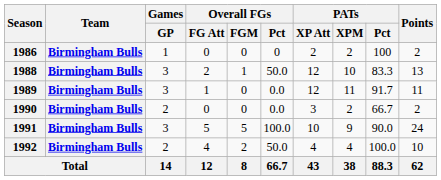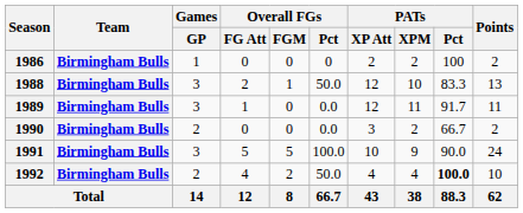 <table class=wikitable style="text-align:center;">
 <tr>
 <th rowspan=2>Season</th>
 <th rowspan=2>Team</th>
 <th>Games</th>
 <th colspan=3>Overall FGs</th>
 <th colspan=3>PATs</th>
 <th rowspan=2>Points</th>
 </tr>
 <tr>
 <th>GP</th>
 <th>FG Att</th>
 <th>FGM</th>
 <th>Pct</th>
 <th>XP Att</th>
 <th>XPM</th>
 <th>Pct</th>
 </tr>
 <tr>
 <th>1986</th>
 <th><a href='#'>Birmingham Bulls</a></th>
 <td>1</td>
 <td>0</td>
 <td>0</td>
 <td>0</td>
 <td>2</td>
 <td>2</td>
 <td>100</td>
 <td>2</td>
 </tr>
 <tr>
 <th>1988</th>
 <th><a href='#'>Birmingham Bulls</a></th>
 <td>3</td>
 <td>2</td>
 <td>1</td>
 <td>50.0</td>
 <td>12</td>
 <td>10</td>
 <td>83.3</td>
 <td>13</td>
 </tr>
 <tr>
 <th>1989</th>
 <th><a href='#'>Birmingham Bulls</a></th>
 <td>3</td>
 <td>1</td>
 <td>0</td>
 <td>0.0</td>
 <td>12</td>
 <td>11</td>
 <td>91.7</td>
 <td>11</td>
 </tr>
 <tr>
 <th>1990</th>
 <th><a href='#'>Birmingham Bulls</a></th>
 <td>2</td>
 <td>0</td>
 <td>0</td>
 <td>0.0</td>
 <td>3</td>
 <td>2</td>
 <td>66.7</td>
 <td>2</td>
 </tr>
 <tr>
 <th>1991</th>
 <th><a href='#'>Birmingham Bulls</a></th>
 <td>3</td>
 <td>5</td>
 <td>5</td>
 <td>100.0</td>
 <td>10</td>
 <td>9</td>
 <td>90.0</td>
 <td>24</td>
 </tr>
 <tr>
 <th>1992</th>
 <th><a href='#'>Birmingham Bulls</a></th>
 <td>2</td>
 <td>4</td>
 <td>2</td>
 <td>50.0</td>
 <td>4</td>
 <td>4</td>
-<td>100.0</td>
+<td><strong>100.0</strong></td>
 <td>10</td>
 </tr>
 <tr>
 <th colspan=2>Total</th>
 <th>14</th>
 <th>12</th>
 <th>8</th>
 <th>66.7</th>
 <th>43</th>
 <th>38</th>
 <th>88.3</th>
 <th>62</th>
 </tr>
 </table>
